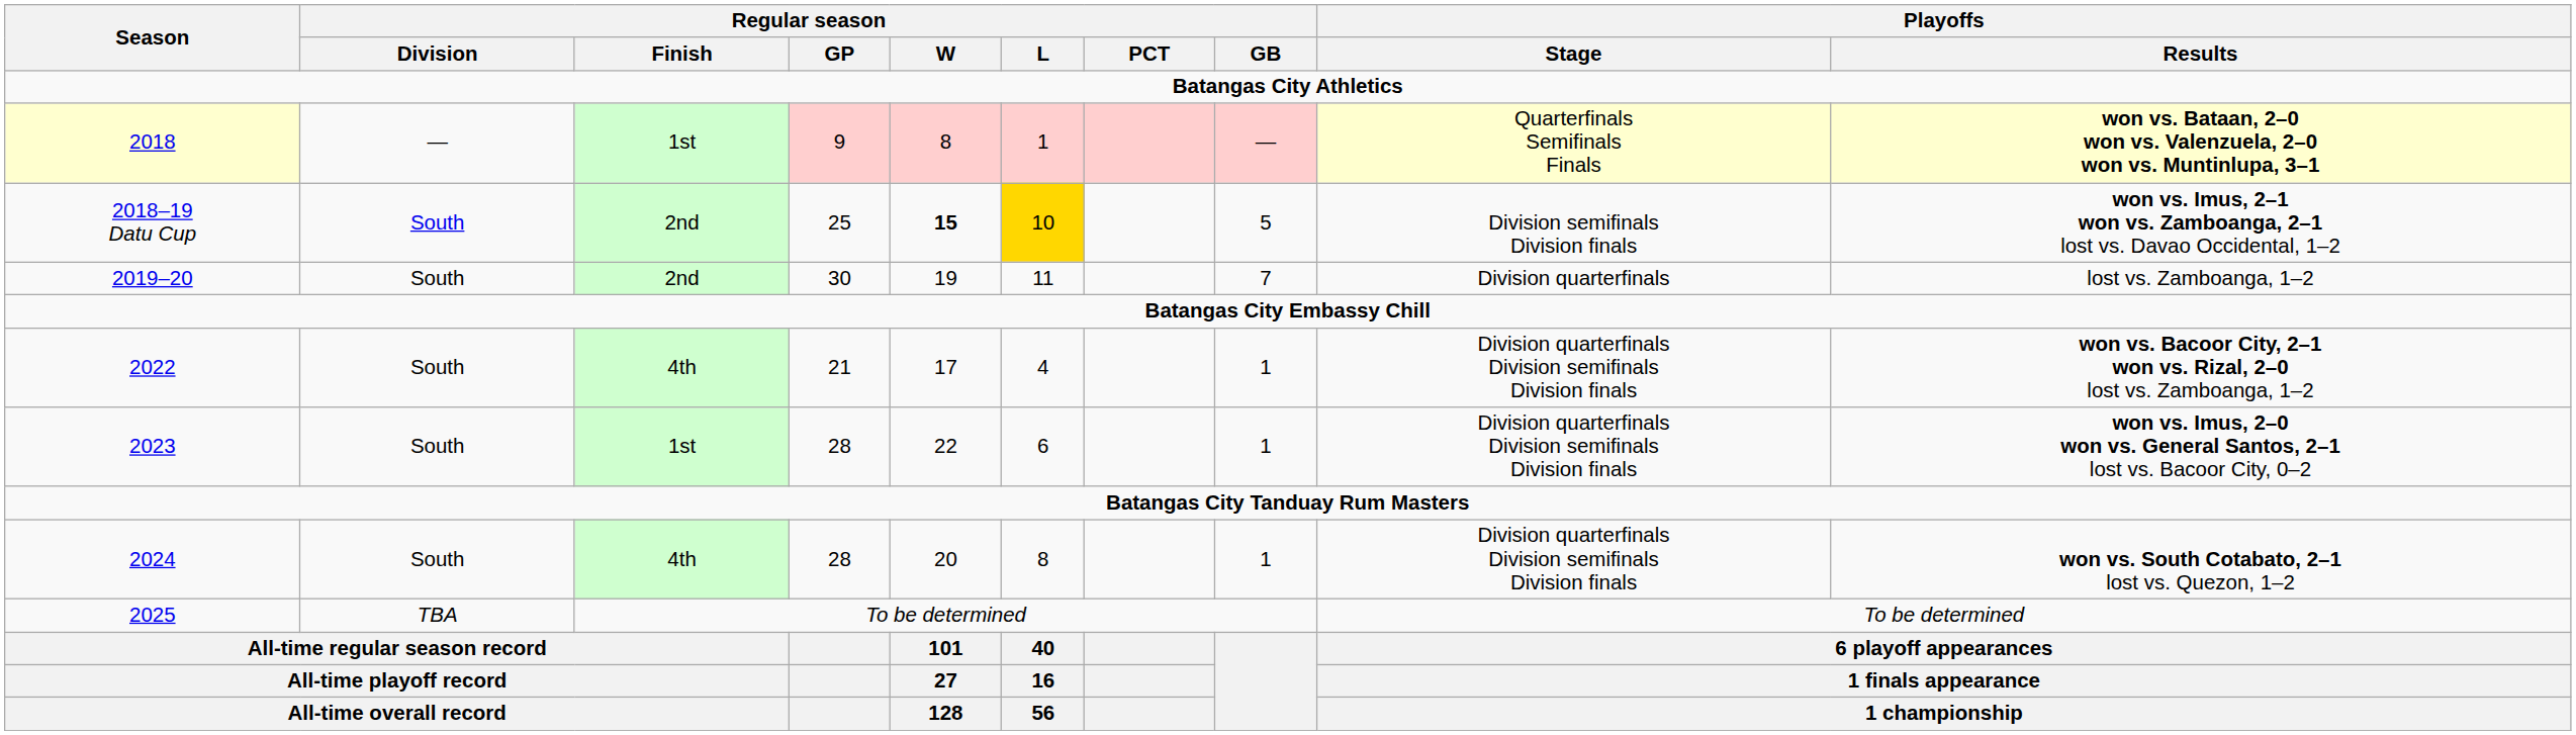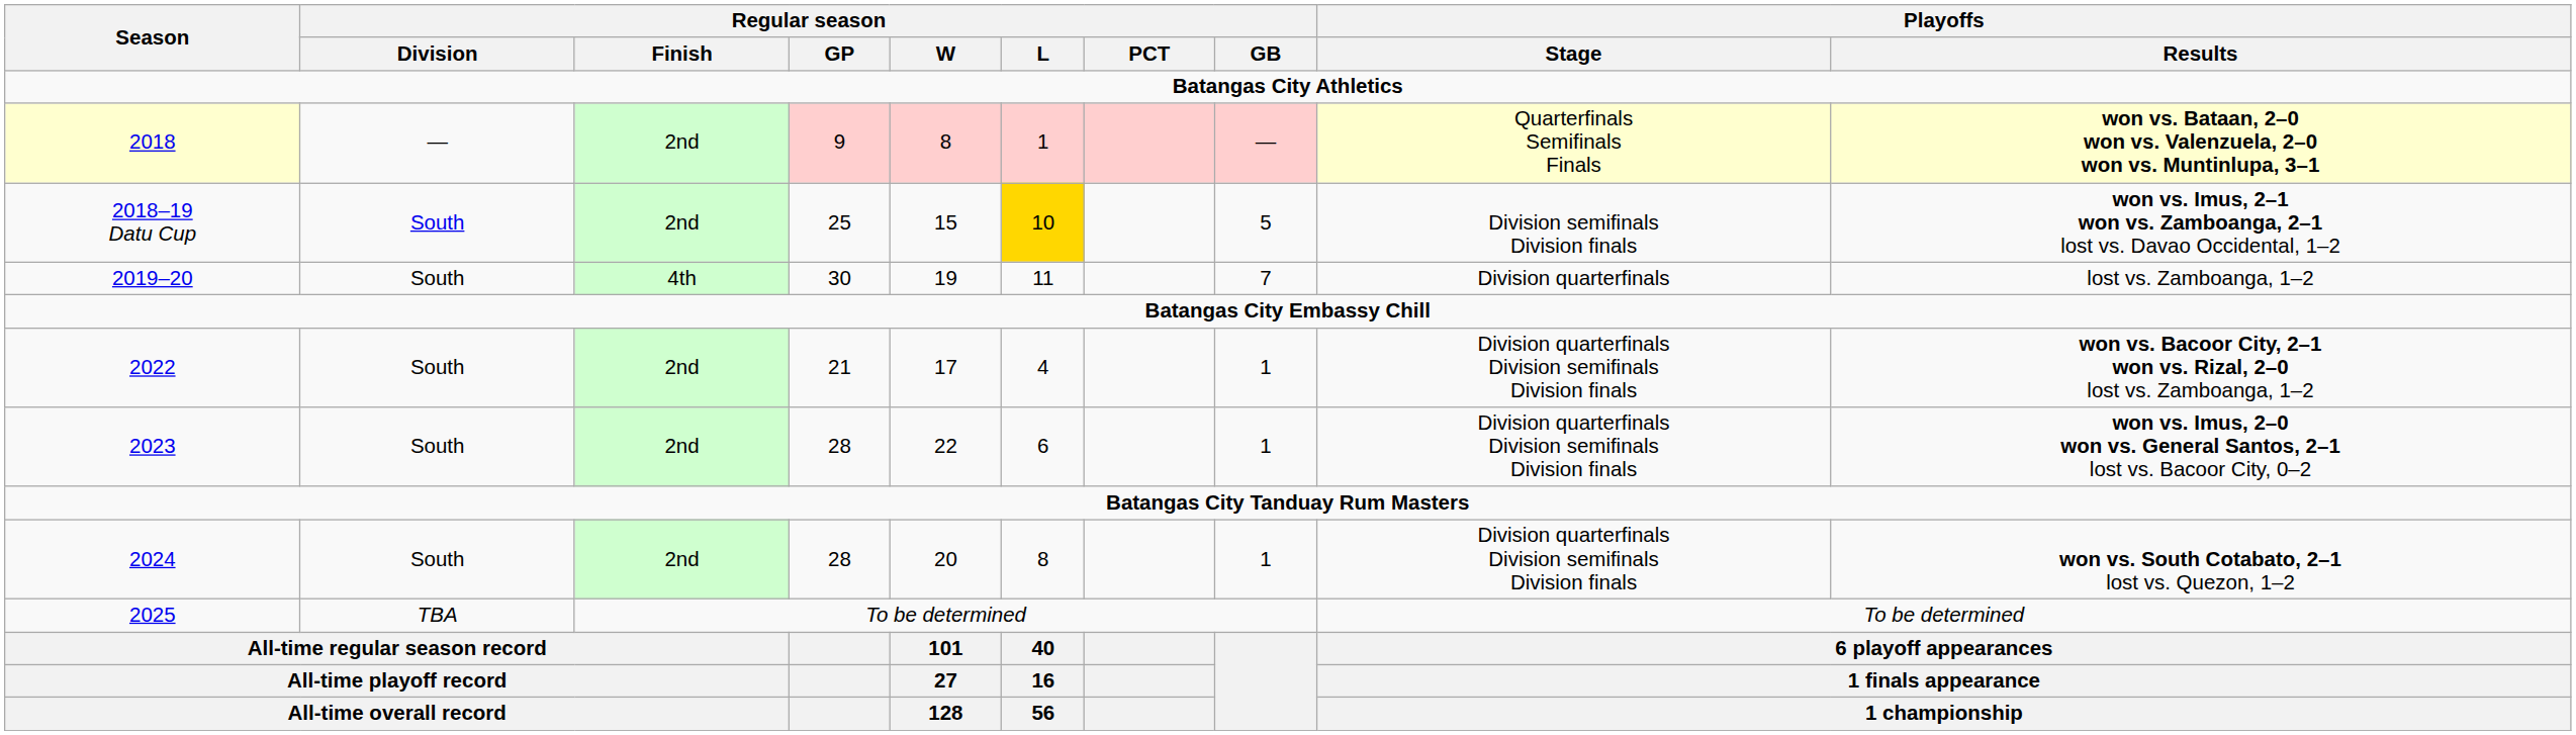 <table class=wikitable style="width:100%; text-align:center">
 <tr>
 <th rowspan="2">Season</th>
 <th colspan="7">Regular season</th>
 <th colspan="2">Playoffs</th>
 </tr>
 <tr>
 <th>Division</th>
 <th>Finish</th>
 <th>GP</th>
 <th>W</th>
 <th>L</th>
 <th>PCT</th>
 <th>GB</th>
 <th>Stage</th>
 <th>Results</th>
 </tr>
 <tr>
 <td colspan=10><span><strong>Batangas City Athletics</strong></span></td>
 </tr>
 <tr>
 <td bgcolor="FFFFCF"><a href='#'>2018</a> <br> </td>
 <td>—</td>
-<td bgcolor="#CFFFCF">1st</td>
+<td bgcolor="#CFFFCF">2nd</td>
 <td bgcolor="FFCFCF">9</td>
 <td bgcolor="FFCFCF">8</td>
 <td bgcolor="FFCFCF">1</td>
 <td bgcolor="FFCFCF"></td>
 <td bgcolor="FFCFCF">—</td>
 <td bgcolor="FFFFCF">Quarterfinals <br> Semifinals <br> Finals</td>
 <td bgcolor="FFFFCF"><strong>won vs. Bataan, 2–0</strong> <br> <strong>won vs. Valenzuela, 2–0</strong> <br> <strong>won vs. Muntinlupa, 3–1</strong></td>
 </tr>
 <tr>
 <td><a href='#'>2018–19</a> <br> <em>Datu Cup</em></td>
 <td><a href='#'>South</a></td>
 <td bgcolor="#CFFFCF">2nd</td>
 <td>25</td>
-<td><strong>15</strong></td>
+<td>15</td>
 <td style="background: gold;">10</td>
 <td></td>
 <td>5</td>
 <td> <br> Division semifinals <br> Division finals</td>
 <td><strong>won vs. Imus, 2–1</strong> <br> <strong>won vs. Zamboanga, 2–1</strong> <br> lost vs. Davao Occidental, 1–2</td>
 </tr>
 <tr>
 <td><a href='#'>2019–20</a> <br> </td>
 <td>South</td>
-<td bgcolor="#CFFFCF">2nd</td>
+<td bgcolor="#CFFFCF">4th</td>
 <td>30</td>
 <td>19</td>
 <td>11</td>
 <td></td>
 <td>7</td>
 <td>Division quarterfinals</td>
 <td>lost vs. Zamboanga, 1–2</td>
 </tr>
 <tr>
 <td colspan=10><span><strong>Batangas City Embassy Chill</strong></span></td>
 </tr>
 <tr>
 <td><a href='#'>2022</a></td>
 <td>South</td>
-<td bgcolor="#CFFFCF">4th</td>
+<td bgcolor="#CFFFCF">2nd</td>
 <td>21</td>
 <td>17</td>
 <td>4</td>
 <td></td>
 <td>1</td>
 <td>Division quarterfinals <br> Division semifinals <br> Division finals</td>
 <td><strong>won vs. Bacoor City, 2–1</strong> <br> <strong>won vs. Rizal, 2–0</strong> <br> lost vs. Zamboanga, 1–2</td>
 </tr>
 <tr>
 <td><a href='#'>2023</a></td>
 <td>South</td>
-<td bgcolor="#CFFFCF">1st</td>
+<td bgcolor="#CFFFCF">2nd</td>
 <td>28</td>
 <td>22</td>
 <td>6</td>
 <td></td>
 <td>1</td>
 <td>Division quarterfinals<br>Division semifinals<br>Division finals</td>
 <td><strong>won vs. Imus, 2–0</strong><br><strong>won vs. General Santos, 2–1</strong><br>lost vs. Bacoor City, 0–2</td>
 </tr>
 <tr>
 <td colspan=10><span><strong>Batangas City Tanduay Rum Masters</strong></span></td>
 </tr>
 <tr>
 <td><a href='#'>2024</a></td>
 <td>South</td>
-<td bgcolor="#CFFFCF">4th</td>
+<td bgcolor="#CFFFCF">2nd</td>
 <td>28</td>
 <td>20</td>
 <td>8</td>
 <td></td>
 <td>1</td>
 <td>Division quarterfinals<br>Division semifinals<br>Division finals</td>
 <td><br><strong>won vs. South Cotabato, 2–1</strong> <br>lost vs. Quezon, 1–2</td>
 </tr>
 <tr>
 <td><a href='#'>2025</a></td>
 <td><em>TBA</em></td>
 <td colspan=6><em>To be determined</em></td>
 <td colspan=2><em>To be determined</em></td>
 </tr>
 <tr>
 <th colspan="3">All-time regular season record</th>
 <th></th>
 <th>101</th>
 <th>40</th>
 <th></th>
 <th rowspan="3"></th>
 <th colspan="2">6 playoff appearances</th>
 </tr>
 <tr>
 <th colspan="3">All-time playoff record</th>
 <th></th>
 <th>27</th>
 <th>16</th>
 <th></th>
 <th colspan="2">1 finals appearance</th>
 </tr>
 <tr>
 <th colspan="3">All-time overall record</th>
 <th></th>
 <th>128</th>
 <th>56</th>
 <th></th>
 <th colspan="2">1 championship</th>
 </tr>
 </table>
